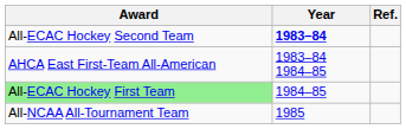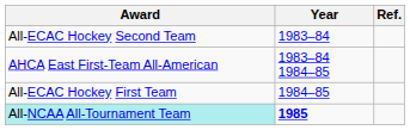 <table class="wikitable">
 <tr>
 <th scope="col" style="width:20em">Award</th>
 <th scope="col" style="width:7em">Year</th>
 <th scope="col">Ref.</th>
 </tr>
 <tr>
 <td>All-<a href='#'>ECAC Hockey</a> <a href='#'>Second Team</a></td>
-<td><strong><a href='#'>1983–84</a></strong></td>
+<td><a href='#'>1983–84</a></td>
 <td></td>
 </tr>
 <tr>
 <td><a href='#'>AHCA</a> <a href='#'>East First-Team All-American</a></td>
 <td><a href='#'>1983–84</a><br><a href='#'>1984–85</a></td>
 <td></td>
 </tr>
 <tr>
-<td style="background: lightgreen;">All-<a href='#'>ECAC Hockey</a> <a href='#'>First Team</a></td>
+<td>All-<a href='#'>ECAC Hockey</a> <a href='#'>First Team</a></td>
 <td><a href='#'>1984–85</a></td>
 <td></td>
 </tr>
 <tr>
-<td>All-<a href='#'>NCAA</a> <a href='#'>All-Tournament Team</a></td>
-<td><a href='#'>1985</a></td>
+<td style="background: paleturquoise;">All-<a href='#'>NCAA</a> <a href='#'>All-Tournament Team</a></td>
+<td><strong><a href='#'>1985</a></strong></td>
 <td></td>
 </tr>
 </table>
